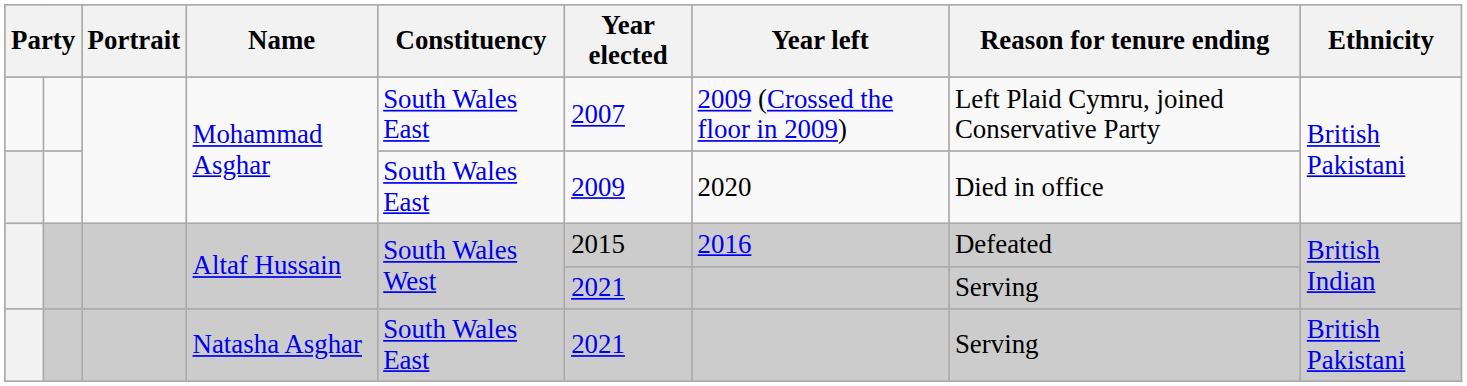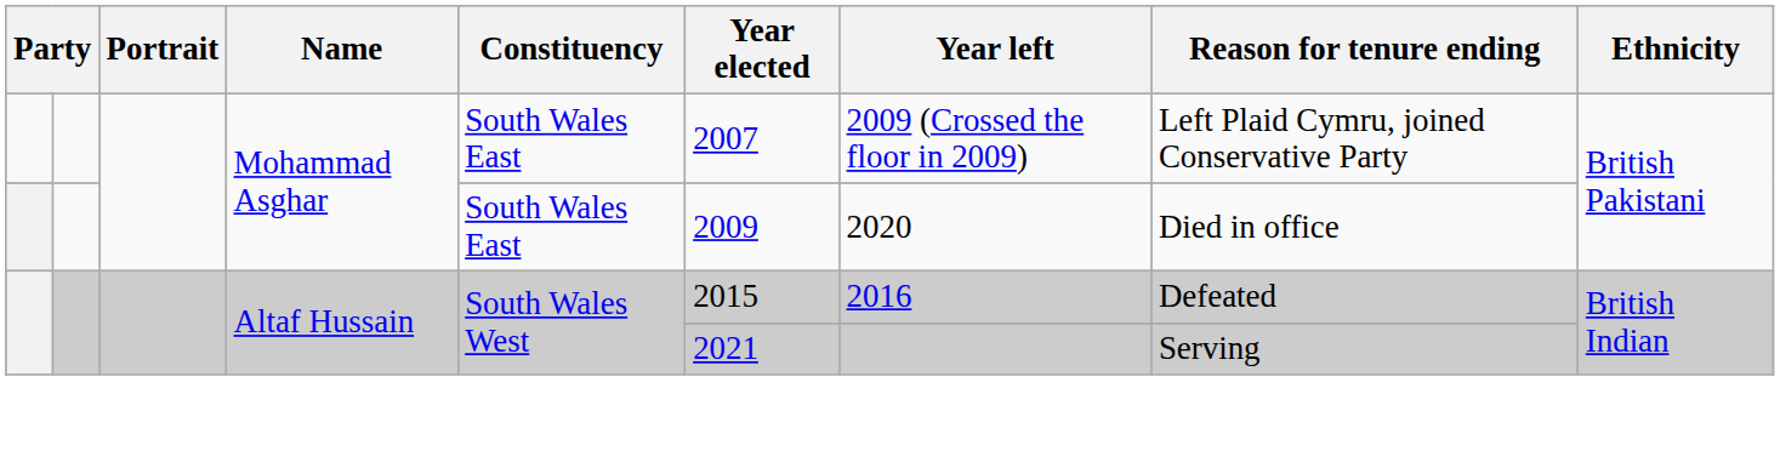 <table class="wikitable sortable">
 <tr>
 <th colspan=2>Party</th>
 <th>Portrait</th>
 <th>Name</th>
 <th>Constituency</th>
 <th>Year elected</th>
 <th>Year left</th>
 <th>Reason for tenure ending</th>
 <th>Ethnicity</th>
 </tr>
 <tr>
 <td style="background-color: "></td>
 <td></td>
 <td rowspan="2"></td>
 <td rowspan="2"><a href='#'>Mohammad Asghar</a></td>
 <td><a href='#'>South Wales East</a></td>
 <td><a href='#'>2007</a></td>
 <td><a href='#'>2009</a> (<a href='#'>Crossed the floor in 2009</a>)</td>
 <td>Left Plaid Cymru, joined Conservative Party</td>
 <td rowspan="2"><a href='#'>British Pakistani</a></td>
 </tr>
 <tr>
 <th style="background-color: "></th>
 <td></td>
 <td><a href='#'>South Wales East</a></td>
 <td><a href='#'>2009</a></td>
 <td>2020</td>
 <td>Died in office</td>
 </tr>
 <tr style="background:#ccc;">
 <th rowspan=2 style="background-color: "></th>
 <td rowspan="2"></td>
 <td rowspan="2"></td>
 <td rowspan="2"><a href='#'>Altaf Hussain</a></td>
 <td rowspan="2"><a href='#'>South Wales West</a></td>
 <td>2015</td>
 <td><a href='#'>2016</a></td>
 <td>Defeated</td>
 <td rowspan="2"><a href='#'>British Indian</a></td>
 </tr>
 <tr style="background:#ccc;">
 <td><a href='#'>2021</a></td>
 <td></td>
 <td>Serving</td>
 </tr>
-<tr style="background:#ccc;">
-<th style="background-color: "></th>
-<td></td>
-<td></td>
-<td><a href='#'>Natasha Asghar</a></td>
-<td><a href='#'>South Wales East</a></td>
-<td><a href='#'>2021</a></td>
-<td></td>
-<td>Serving</td>
-<td><a href='#'>British Pakistani</a></td>
-</tr>
 </table>
